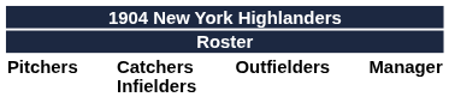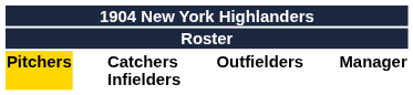 <table class="toccolours" style="font-size: 95%;">
 <tr>
 <th colspan="10" style="background:#1c2841; color:white; text-align:center;">1904 New York Highlanders</th>
 </tr>
 <tr>
 <td colspan="10" style="background:#1c2841; color:white; text-align:center;"><strong>Roster</strong></td>
 </tr>
 <tr>
-<td valign="top"><strong>Pitchers</strong><br>        </td>
+<td valign="top" style="background: gold;"><strong>Pitchers</strong><br>        </td>
 <td style="width:25px;"></td>
 <td valign="top"><strong>Catchers</strong><br>   <strong>Infielders</strong>        </td>
 <td style="width:25px;"></td>
 <td valign="top"><strong>Outfielders</strong><br>     </td>
 <td style="width:25px;"></td>
 <td valign="top"><strong>Manager</strong><br></td>
 </tr>
 </table>
